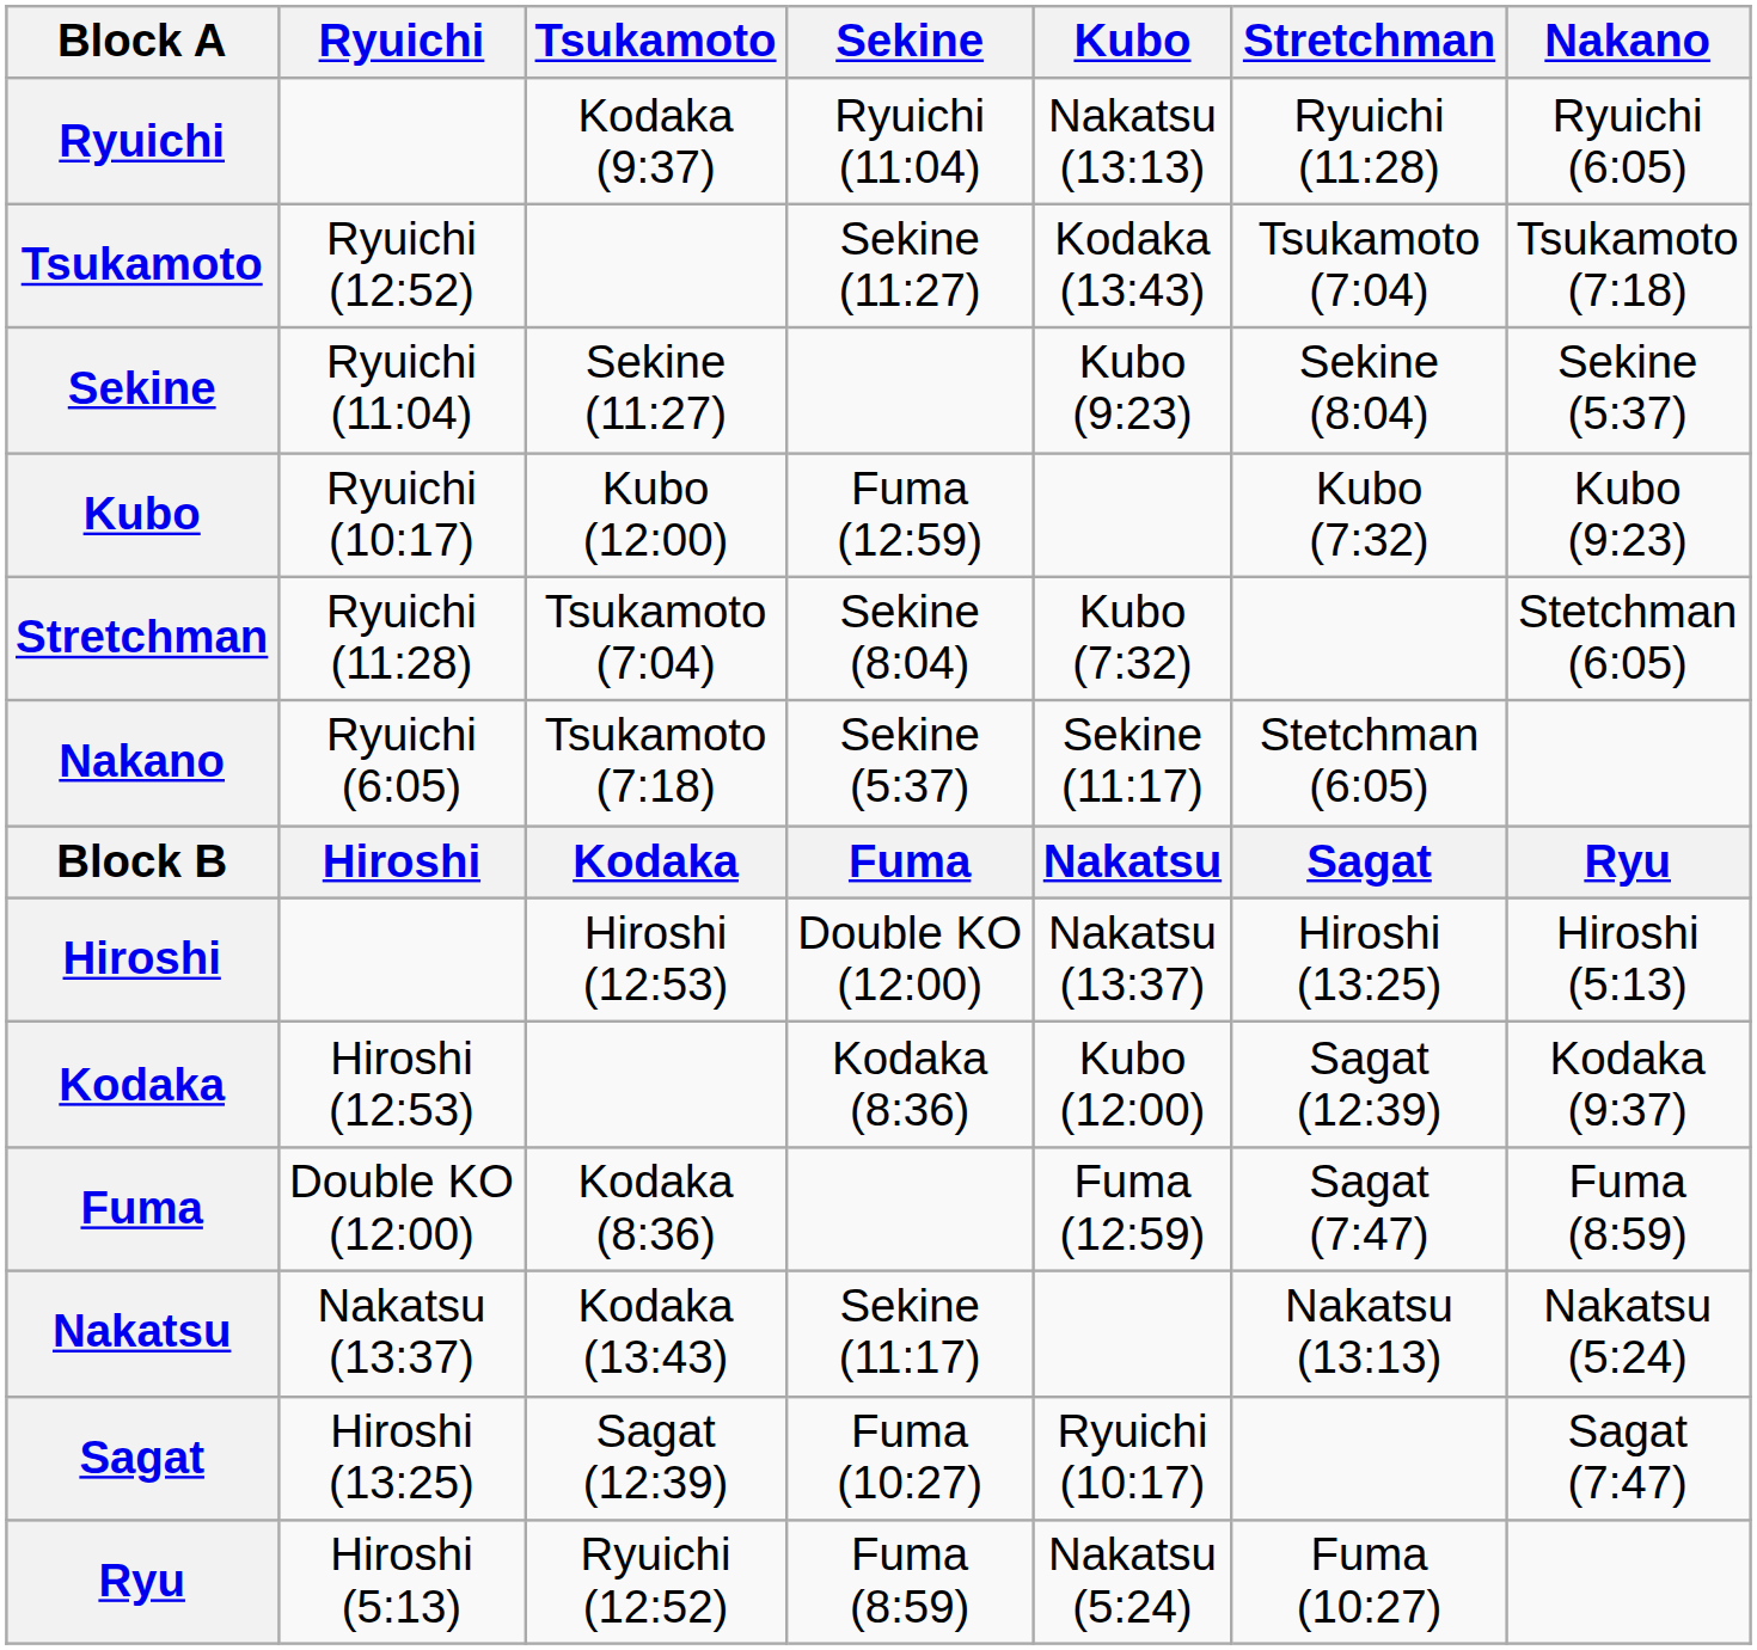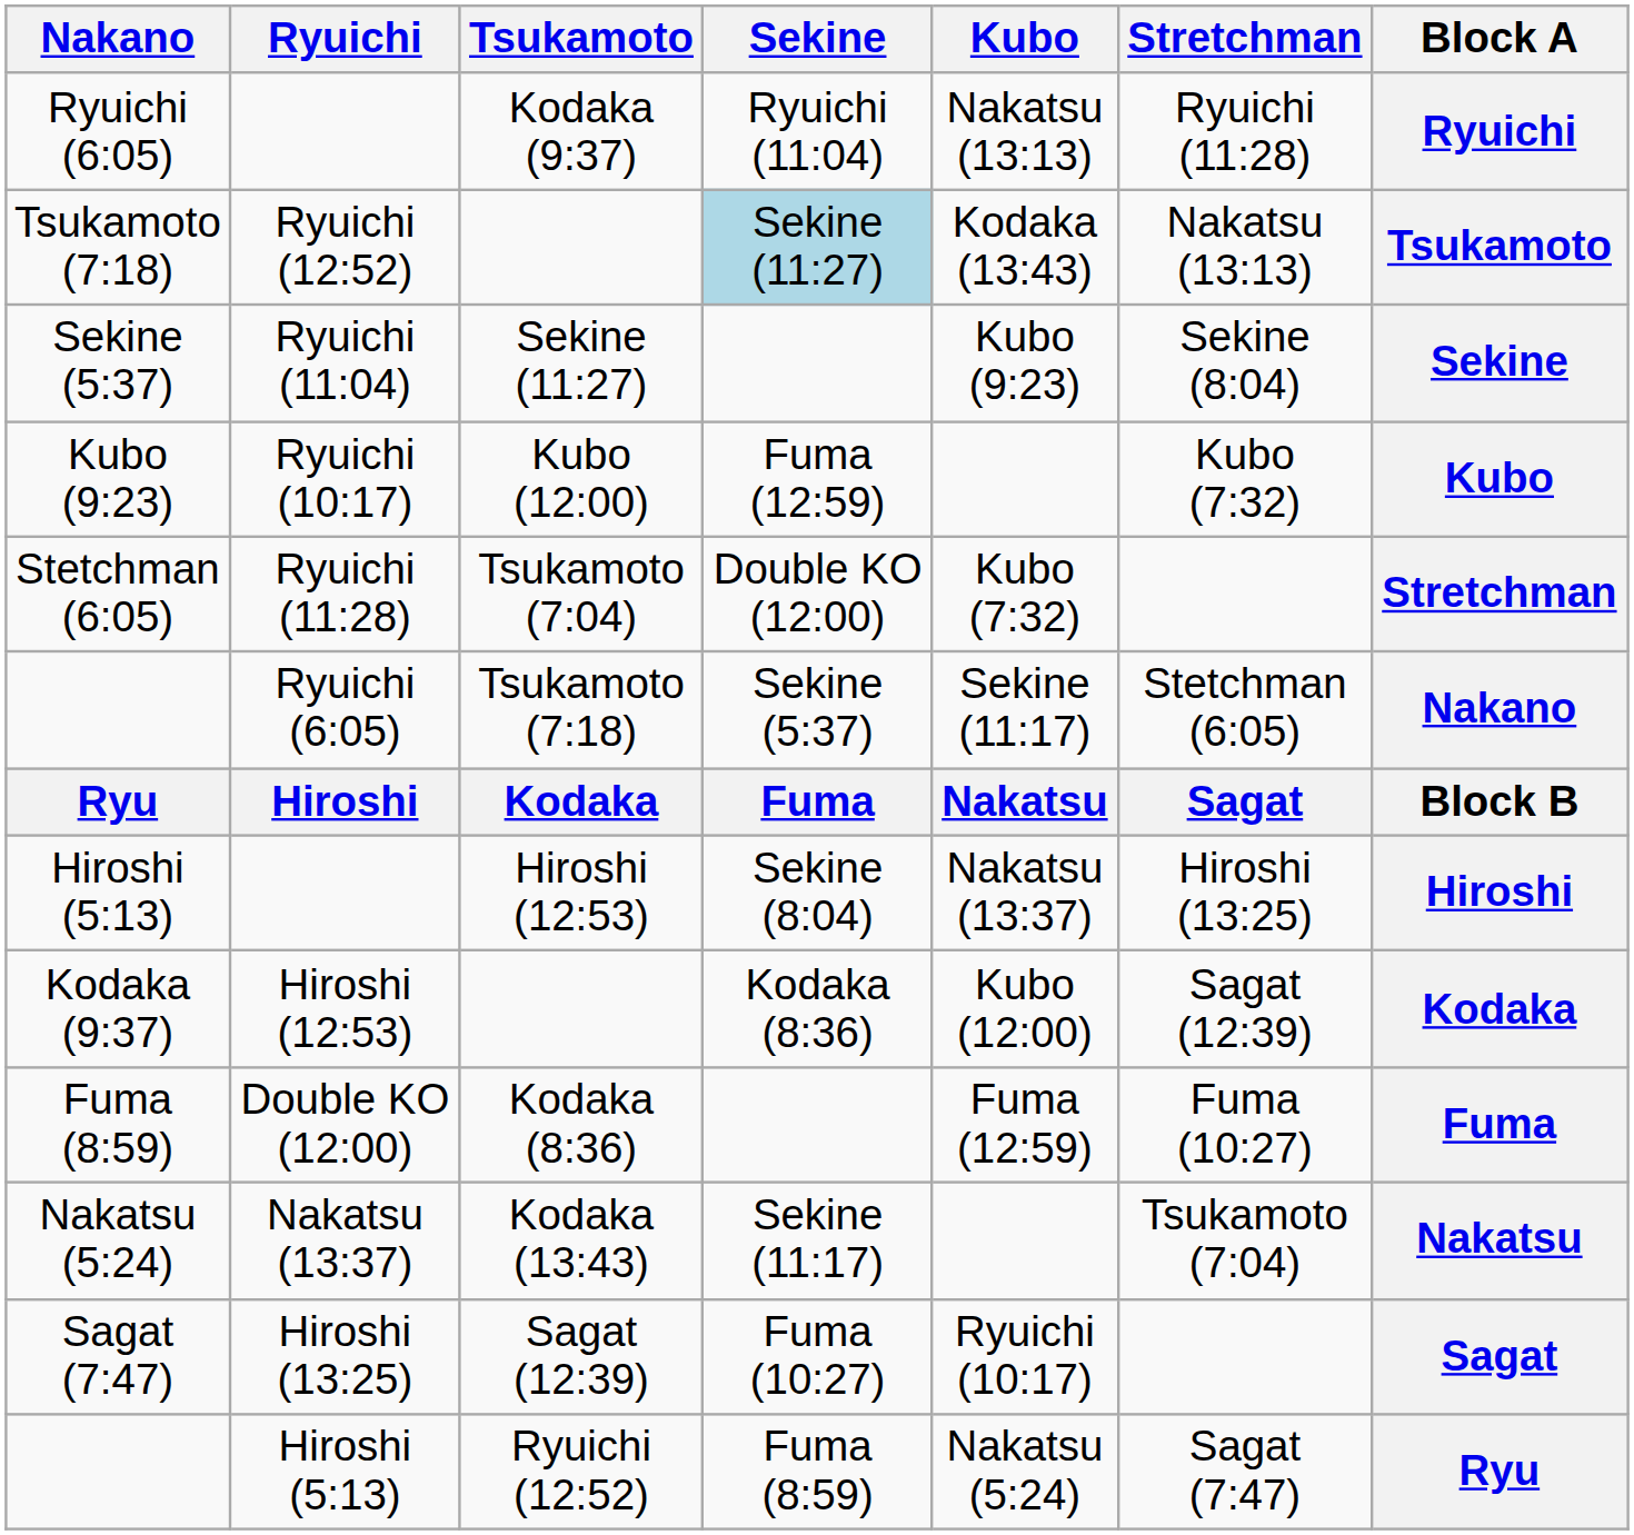 <table class="wikitable" style="margin: 1em auto 1em auto">
 <tr align="center">
-<th>Block A</th>
+<th><a href='#'>Nakano</a></th>
 <th><a href='#'>Ryuichi</a></th>
 <th><a href='#'>Tsukamoto</a></th>
 <th><a href='#'>Sekine</a></th>
 <th><a href='#'>Kubo</a></th>
 <th><a href='#'>Stretchman</a></th>
-<th><a href='#'>Nakano</a></th>
+<th>Block A</th>
 </tr>
 <tr align="center">
-<th><a href='#'>Ryuichi</a></th>
+<td>Ryuichi<br>(6:05)</td>
 <td></td>
 <td>Kodaka<br>(9:37)</td>
 <td>Ryuichi<br>(11:04)</td>
 <td>Nakatsu<br>(13:13)</td>
 <td>Ryuichi<br>(11:28)</td>
-<td>Ryuichi<br>(6:05)</td>
+<th><a href='#'>Ryuichi</a></th>
 </tr>
 <tr align="center">
-<th><a href='#'>Tsukamoto</a></th>
+<td>Tsukamoto<br>(7:18)</td>
 <td>Ryuichi<br>(12:52)</td>
 <td></td>
-<td>Sekine<br>(11:27)</td>
+<td style="background: lightblue;">Sekine<br>(11:27)</td>
 <td>Kodaka<br>(13:43)</td>
-<td>Tsukamoto<br>(7:04)</td>
-<td>Tsukamoto<br>(7:18)</td>
+<td>Nakatsu<br>(13:13)</td>
+<th><a href='#'>Tsukamoto</a></th>
 </tr>
 <tr align="center"ba>
-<th><a href='#'>Sekine</a></th>
+<td>Sekine<br>(5:37)</td>
 <td>Ryuichi<br>(11:04)</td>
 <td>Sekine<br>(11:27)</td>
 <td></td>
 <td>Kubo<br>(9:23)</td>
 <td>Sekine<br>(8:04)</td>
-<td>Sekine<br>(5:37)</td>
+<th><a href='#'>Sekine</a></th>
 </tr>
 <tr align="center">
-<th><a href='#'>Kubo</a></th>
+<td>Kubo<br>(9:23)</td>
 <td>Ryuichi<br>(10:17)</td>
 <td>Kubo<br>(12:00)</td>
 <td>Fuma<br>(12:59)</td>
 <td></td>
 <td>Kubo<br>(7:32)</td>
-<td>Kubo<br>(9:23)</td>
+<th><a href='#'>Kubo</a></th>
 </tr>
 <tr align="center">
-<th><a href='#'>Stretchman</a></th>
+<td>Stetchman<br>(6:05)</td>
 <td>Ryuichi<br>(11:28)</td>
 <td>Tsukamoto<br>(7:04)</td>
-<td>Sekine<br>(8:04)</td>
+<td>Double KO<br>(12:00)</td>
 <td>Kubo<br>(7:32)</td>
 <td></td>
-<td>Stetchman<br>(6:05)</td>
+<th><a href='#'>Stretchman</a></th>
 </tr>
 <tr align="center">
-<th><a href='#'>Nakano</a></th>
+<td></td>
 <td>Ryuichi<br>(6:05)</td>
 <td>Tsukamoto<br>(7:18)</td>
 <td>Sekine<br>(5:37)</td>
 <td>Sekine<br>(11:17)</td>
 <td>Stetchman<br>(6:05)</td>
-<td></td>
+<th><a href='#'>Nakano</a></th>
 </tr>
 <tr align="center">
-<th>Block B</th>
+<th><a href='#'>Ryu</a></th>
 <th><a href='#'>Hiroshi</a></th>
 <th><a href='#'>Kodaka</a></th>
 <th><a href='#'>Fuma</a></th>
 <th><a href='#'>Nakatsu</a></th>
 <th><a href='#'>Sagat</a></th>
-<th><a href='#'>Ryu</a></th>
+<th>Block B</th>
 </tr>
 <tr align="center">
-<th><a href='#'>Hiroshi</a></th>
+<td>Hiroshi<br>(5:13)</td>
 <td></td>
 <td>Hiroshi<br>(12:53)</td>
-<td>Double KO<br>(12:00)</td>
+<td>Sekine<br>(8:04)</td>
 <td>Nakatsu<br>(13:37)</td>
 <td>Hiroshi<br>(13:25)</td>
-<td>Hiroshi<br>(5:13)</td>
+<th><a href='#'>Hiroshi</a></th>
 </tr>
 <tr align="center">
-<th><a href='#'>Kodaka</a></th>
+<td>Kodaka<br>(9:37)</td>
 <td>Hiroshi<br>(12:53)</td>
 <td></td>
 <td>Kodaka<br>(8:36)</td>
 <td>Kubo<br>(12:00)</td>
 <td>Sagat<br>(12:39)</td>
-<td>Kodaka<br>(9:37)</td>
+<th><a href='#'>Kodaka</a></th>
 </tr>
 <tr align="center">
-<th><a href='#'>Fuma</a></th>
+<td>Fuma<br>(8:59)</td>
 <td>Double KO<br>(12:00)</td>
 <td>Kodaka<br>(8:36)</td>
 <td></td>
 <td>Fuma<br>(12:59)</td>
-<td>Sagat<br>(7:47)</td>
-<td>Fuma<br>(8:59)</td>
+<td>Fuma<br>(10:27)</td>
+<th><a href='#'>Fuma</a></th>
 </tr>
 <tr align="center">
-<th><a href='#'>Nakatsu</a></th>
+<td>Nakatsu<br>(5:24)</td>
 <td>Nakatsu<br>(13:37)</td>
 <td>Kodaka<br>(13:43)</td>
 <td>Sekine<br>(11:17)</td>
 <td></td>
-<td>Nakatsu<br>(13:13)</td>
-<td>Nakatsu<br>(5:24)</td>
+<td>Tsukamoto<br>(7:04)</td>
+<th><a href='#'>Nakatsu</a></th>
 </tr>
 <tr align="center">
-<th><a href='#'>Sagat</a></th>
+<td>Sagat<br>(7:47)</td>
 <td>Hiroshi<br>(13:25)</td>
 <td>Sagat<br>(12:39)</td>
 <td>Fuma<br>(10:27)</td>
 <td>Ryuichi<br>(10:17)</td>
 <td></td>
-<td>Sagat<br>(7:47)</td>
+<th><a href='#'>Sagat</a></th>
 </tr>
 <tr align="center">
-<th><a href='#'>Ryu</a></th>
+<td></td>
 <td>Hiroshi<br>(5:13)</td>
 <td>Ryuichi<br>(12:52)</td>
 <td>Fuma<br>(8:59)</td>
 <td>Nakatsu<br>(5:24)</td>
-<td>Fuma<br>(10:27)</td>
-<td></td>
+<td>Sagat<br>(7:47)</td>
+<th><a href='#'>Ryu</a></th>
 </tr>
 </table>
